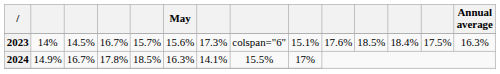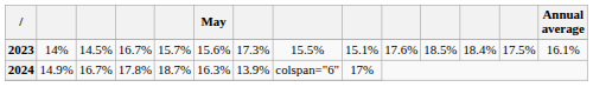 <table class="wikitable" style="width:100%; margin:auto;">
 <tr>
 <th width="35px">/</th>
 <th width="60px"></th>
 <th width="60px"></th>
 <th width="60px"></th>
 <th width="60px"></th>
 <th width="60px">May</th>
 <th width="60px"></th>
 <th width="60px"></th>
 <th width="60px"></th>
 <th width="60px"></th>
 <th width="60px"></th>
 <th width="60px"></th>
 <th width="60px"></th>
 <th width="75px">Annual average</th>
 </tr>
 <tr align="center">
 </tr>
 <tr>
 <th>2023</th>
 <td align="center">14%</td>
 <td align="center">14.5%</td>
 <td align="center">16.7%</td>
 <td align="center">15.7%</td>
 <td align="center">15.6%</td>
 <td align="center">17.3%</td>
-<td>colspan="6"</td>
+<td align="center">15.5%</td>
 <td align="center">15.1%</td>
 <td align="center">17.6%</td>
 <td align="center">18.5%</td>
 <td align="center">18.4%</td>
 <td align="center">17.5%</td>
-<td align="center">16.3%</td>
+<td align="center">16.1%</td>
 </tr>
 <tr>
 <th>2024</th>
 <td align="center">14.9%</td>
 <td align="center">16.7%</td>
 <td align="center">17.8%</td>
-<td align="center">18.5%</td>
+<td align="center">18.7%</td>
 <td align="center">16.3%</td>
-<td align="center">14.1%</td>
-<td align="center">15.5%</td>
+<td align="center">13.9%</td>
+<td>colspan="6"</td>
 <td align="center">17%</td>
 </tr>
 <tr>
 </tr>
 </table>
